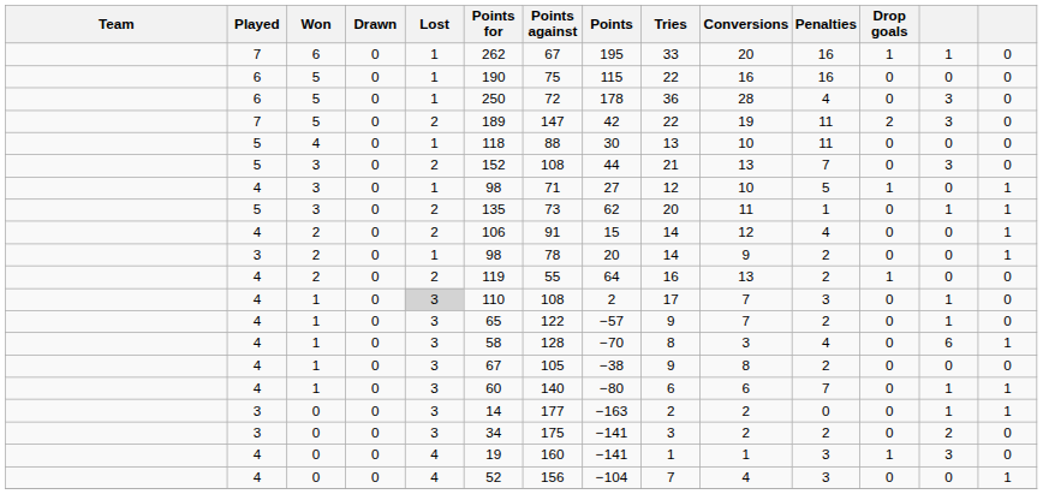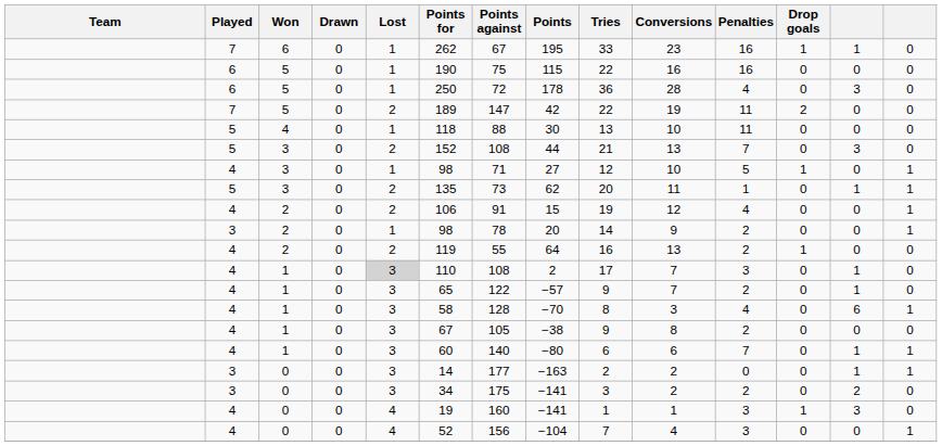 <table class="wikitable sortable" style="text-align:center">
 <tr>
 <th width=246>Team</th>
 <th width=60>Played</th>
 <th width=60>Won</th>
 <th width=60>Drawn</th>
 <th width=60>Lost</th>
 <th width=60>Points<br>for</th>
 <th width=60>Points<br>against</th>
 <th width=60>Points<br></th>
 <th width=60>Tries</th>
 <th width=60>Conversions</th>
 <th width=60>Penalties</th>
 <th width=60>Drop goals</th>
 <th width=60></th>
 <th width=60></th>
 </tr>
 <tr>
 <td align=left></td>
 <td>7</td>
 <td>6</td>
 <td>0</td>
 <td>1</td>
 <td>262</td>
 <td>67</td>
 <td>195</td>
 <td>33</td>
-<td>20</td>
+<td>23</td>
 <td>16</td>
 <td>1</td>
 <td>1</td>
 <td>0</td>
 </tr>
 <tr>
 <td align=left></td>
 <td>6</td>
 <td>5</td>
 <td>0</td>
 <td>1</td>
 <td>190</td>
 <td>75</td>
 <td>115</td>
 <td>22</td>
 <td>16</td>
 <td>16</td>
 <td>0</td>
 <td>0</td>
 <td>0</td>
 </tr>
 <tr>
 <td align=left></td>
 <td>6</td>
 <td>5</td>
 <td>0</td>
 <td>1</td>
 <td>250</td>
 <td>72</td>
 <td>178</td>
 <td>36</td>
 <td>28</td>
 <td>4</td>
 <td>0</td>
 <td>3</td>
 <td>0</td>
 </tr>
 <tr>
 <td align=left></td>
 <td>7</td>
 <td>5</td>
 <td>0</td>
 <td>2</td>
 <td>189</td>
 <td>147</td>
 <td>42</td>
 <td>22</td>
 <td>19</td>
 <td>11</td>
 <td>2</td>
-<td>3</td>
+<td>0</td>
 <td>0</td>
 </tr>
 <tr>
 <td align=left></td>
 <td>5</td>
 <td>4</td>
 <td>0</td>
 <td>1</td>
 <td>118</td>
 <td>88</td>
 <td>30</td>
 <td>13</td>
 <td>10</td>
 <td>11</td>
 <td>0</td>
 <td>0</td>
 <td>0</td>
 </tr>
 <tr>
 <td align=left></td>
 <td>5</td>
 <td>3</td>
 <td>0</td>
 <td>2</td>
 <td>152</td>
 <td>108</td>
 <td>44</td>
 <td>21</td>
 <td>13</td>
 <td>7</td>
 <td>0</td>
 <td>3</td>
 <td>0</td>
 </tr>
 <tr>
 <td align=left></td>
 <td>4</td>
 <td>3</td>
 <td>0</td>
 <td>1</td>
 <td>98</td>
 <td>71</td>
 <td>27</td>
 <td>12</td>
 <td>10</td>
 <td>5</td>
 <td>1</td>
 <td>0</td>
 <td>1</td>
 </tr>
 <tr>
 <td align=left></td>
 <td>5</td>
 <td>3</td>
 <td>0</td>
 <td>2</td>
 <td>135</td>
 <td>73</td>
 <td>62</td>
 <td>20</td>
 <td>11</td>
 <td>1</td>
 <td>0</td>
 <td>1</td>
 <td>1</td>
 </tr>
 <tr>
 <td align=left></td>
 <td>4</td>
 <td>2</td>
 <td>0</td>
 <td>2</td>
 <td>106</td>
 <td>91</td>
 <td>15</td>
-<td>14</td>
+<td>19</td>
 <td>12</td>
 <td>4</td>
 <td>0</td>
 <td>0</td>
 <td>1</td>
 </tr>
 <tr>
 <td align=left></td>
 <td>3</td>
 <td>2</td>
 <td>0</td>
 <td>1</td>
 <td>98</td>
 <td>78</td>
 <td>20</td>
 <td>14</td>
 <td>9</td>
 <td>2</td>
 <td>0</td>
 <td>0</td>
 <td>1</td>
 </tr>
 <tr>
 <td align=left></td>
 <td>4</td>
 <td>2</td>
 <td>0</td>
 <td>2</td>
 <td>119</td>
 <td>55</td>
 <td>64</td>
 <td>16</td>
 <td>13</td>
 <td>2</td>
 <td>1</td>
 <td>0</td>
 <td>0</td>
 </tr>
 <tr>
 <td align=left></td>
 <td>4</td>
 <td>1</td>
 <td>0</td>
 <td style="background: lightgrey;">3</td>
 <td>110</td>
 <td>108</td>
 <td>2</td>
 <td>17</td>
 <td>7</td>
 <td>3</td>
 <td>0</td>
 <td>1</td>
 <td>0</td>
 </tr>
 <tr>
 <td align=left></td>
 <td>4</td>
 <td>1</td>
 <td>0</td>
 <td>3</td>
 <td>65</td>
 <td>122</td>
 <td>−57</td>
 <td>9</td>
 <td>7</td>
 <td>2</td>
 <td>0</td>
 <td>1</td>
 <td>0</td>
 </tr>
 <tr>
 <td align=left></td>
 <td>4</td>
 <td>1</td>
 <td>0</td>
 <td>3</td>
 <td>58</td>
 <td>128</td>
 <td>−70</td>
 <td>8</td>
 <td>3</td>
 <td>4</td>
 <td>0</td>
 <td>6</td>
 <td>1</td>
 </tr>
 <tr>
 <td align=left></td>
 <td>4</td>
 <td>1</td>
 <td>0</td>
 <td>3</td>
 <td>67</td>
 <td>105</td>
 <td>−38</td>
 <td>9</td>
 <td>8</td>
 <td>2</td>
 <td>0</td>
 <td>0</td>
 <td>0</td>
 </tr>
 <tr>
 <td align=left></td>
 <td>4</td>
 <td>1</td>
 <td>0</td>
 <td>3</td>
 <td>60</td>
 <td>140</td>
 <td>−80</td>
 <td>6</td>
 <td>6</td>
 <td>7</td>
 <td>0</td>
 <td>1</td>
 <td>1</td>
 </tr>
 <tr>
 <td align=left></td>
 <td>3</td>
 <td>0</td>
 <td>0</td>
 <td>3</td>
 <td>14</td>
 <td>177</td>
 <td>−163</td>
 <td>2</td>
 <td>2</td>
 <td>0</td>
 <td>0</td>
 <td>1</td>
 <td>1</td>
 </tr>
 <tr>
 <td align=left></td>
 <td>3</td>
 <td>0</td>
 <td>0</td>
 <td>3</td>
 <td>34</td>
 <td>175</td>
 <td>−141</td>
 <td>3</td>
 <td>2</td>
 <td>2</td>
 <td>0</td>
 <td>2</td>
 <td>0</td>
 </tr>
 <tr>
 <td align=left></td>
 <td>4</td>
 <td>0</td>
 <td>0</td>
 <td>4</td>
 <td>19</td>
 <td>160</td>
 <td>−141</td>
 <td>1</td>
 <td>1</td>
 <td>3</td>
 <td>1</td>
 <td>3</td>
 <td>0</td>
 </tr>
 <tr>
 <td align=left></td>
 <td>4</td>
 <td>0</td>
 <td>0</td>
 <td>4</td>
 <td>52</td>
 <td>156</td>
 <td>−104</td>
 <td>7</td>
 <td>4</td>
 <td>3</td>
 <td>0</td>
 <td>0</td>
 <td>1</td>
 </tr>
 <tr>
 </tr>
 </table>
